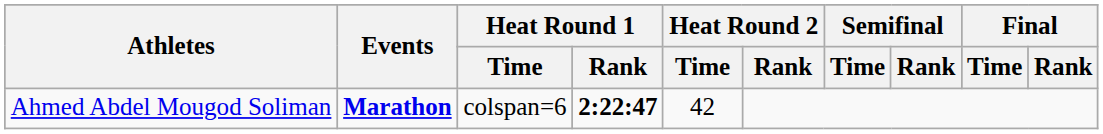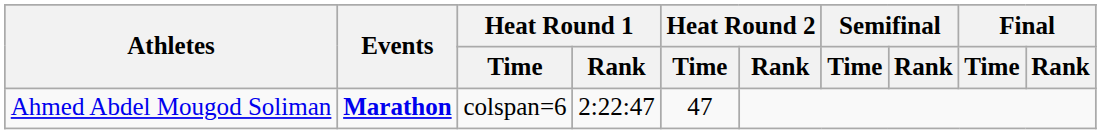 <table class=wikitable style=font-size:90%>
 <tr>
 <th rowspan=2>Athletes</th>
 <th rowspan=2>Events</th>
 <th colspan=2>Heat Round 1</th>
 <th colspan=2>Heat Round 2</th>
 <th colspan=2>Semifinal</th>
 <th colspan=2>Final</th>
 </tr>
 <tr>
 <th>Time</th>
 <th>Rank</th>
 <th>Time</th>
 <th>Rank</th>
 <th>Time</th>
 <th>Rank</th>
 <th>Time</th>
 <th>Rank</th>
 </tr>
 <tr>
 <td><a href='#'>Ahmed Abdel Mougod Soliman</a></td>
 <td><strong><a href='#'>Marathon</a></strong></td>
 <td>colspan=6</td>
-<td align=center><strong>2:22:47</strong></td>
-<td align=center>42</td>
+<td align=center>2:22:47</td>
+<td align=center>47</td>
 </tr>
 </table>
